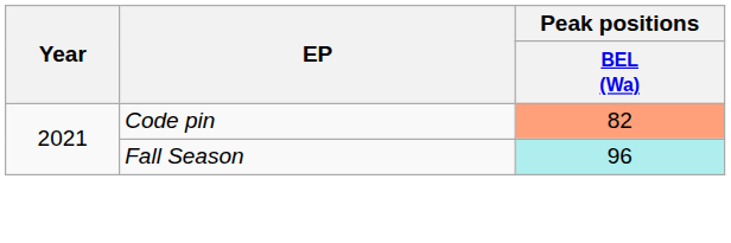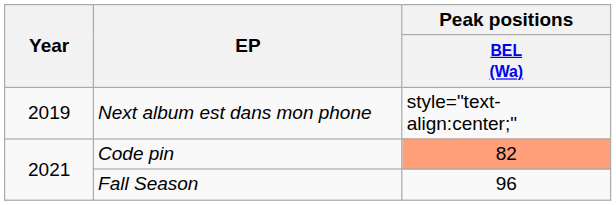 <table class="wikitable" style="font-size:99%; text-align:left;" width="40%" "class="wikitable">
 <tr>
 <th align="center" rowspan="2" width="10">Year</th>
 <th align="center" rowspan="2" width="140">EP</th>
 <th>Peak positions</th>
 </tr>
 <tr>
 <th width="20"><small><a href='#'>BEL <br>(Wa)</a><br></small></th>
 </tr>
 <tr>
+<td style="text-align:center;">2019</td>
+<td><em>Next album est dans mon phone</em></td>
+<td>style="text-align:center;" </td>
+</tr>
+<tr>
 <td style="text-align:center;" rowspan="2">2021</td>
 <td><em>Code pin</em></td>
 <td style="background: lightsalmon; text-align:center;">82</td>
 </tr>
 <tr>
 <td><em>Fall Season</em></td>
-<td style="background: paleturquoise; text-align:center;">96</td>
+<td style="text-align:center;">96</td>
 </tr>
 </table>
